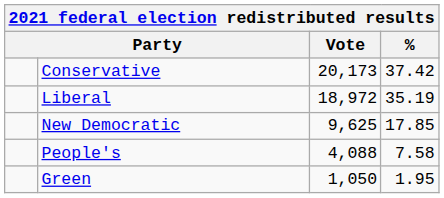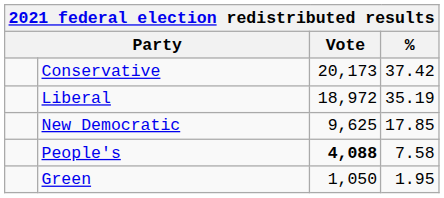 <table class="wikitable">
 <tr>
 <th colspan="4"><a href='#'>2021 federal election</a> redistributed results</th>
 </tr>
 <tr>
 <th bgcolor="#DDDDFF" width="130px" colspan="2">Party</th>
 <th bgcolor="#DDDDFF" width="50px">Vote</th>
 <th bgcolor="#DDDDFF" width="30px">%</th>
 </tr>
 <tr>
 <td> </td>
 <td><a href='#'>Conservative</a></td>
 <td align=right>20,173</td>
 <td align=right>37.42</td>
 </tr>
 <tr>
 <td> </td>
 <td><a href='#'>Liberal</a></td>
 <td align=right>18,972</td>
 <td align=right>35.19</td>
 </tr>
 <tr>
 <td> </td>
 <td><a href='#'>New Democratic</a></td>
 <td align=right>9,625</td>
 <td align=right>17.85</td>
 </tr>
 <tr>
 <td> </td>
 <td><a href='#'>People's</a></td>
-<td align=right>4,088</td>
+<td align=right><strong>4,088</strong></td>
 <td align=right>7.58</td>
 </tr>
 <tr>
 <td> </td>
 <td><a href='#'>Green</a></td>
 <td align=right>1,050</td>
 <td align=right>1.95</td>
 </tr>
 </table>
